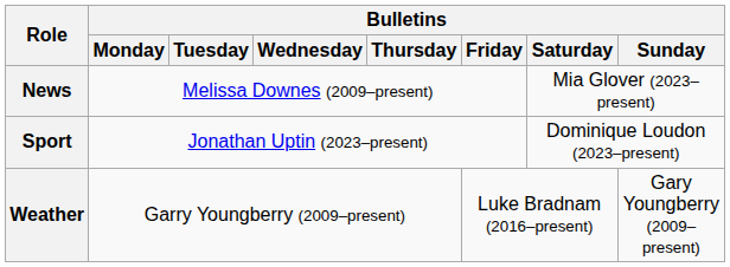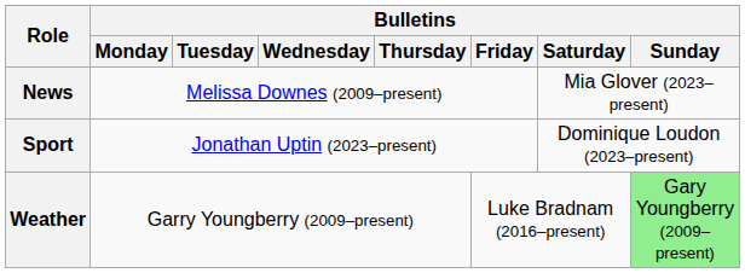 <table class="wikitable plainrowheaders" style="text-align:center;">
 <tr>
 <th rowspan="2" scope="col">Role</th>
 <th colspan="7" scope="col">Bulletins</th>
 </tr>
 <tr>
 <th scope="col">Monday</th>
 <th scope="col">Tuesday</th>
 <th scope="col">Wednesday</th>
 <th scope="col">Thursday</th>
 <th scope="col">Friday</th>
 <th scope="col">Saturday</th>
 <th scope="col">Sunday</th>
 </tr>
 <tr>
 <th scope="row">News</th>
 <td colspan="5"><a href='#'>Melissa Downes</a> <small>(2009–present)</small></td>
 <td colspan="2">Mia Glover <small>(2023–present)</small></td>
 </tr>
 <tr>
 <th scope="row">Sport</th>
 <td colspan="5"><a href='#'>Jonathan Uptin</a> <small>(2023–present)</small></td>
 <td colspan="2">Dominique Loudon <small>(2023–present)</small></td>
 </tr>
 <tr>
 <th scope="row">Weather</th>
 <td colspan="4">Garry Youngberry <small>(2009–present)</small></td>
 <td colspan="2">Luke Bradnam <small>(2016–present)</small></td>
-<td>Gary Youngberry <small>(2009–present)</small></td>
+<td style="background: lightgreen;">Gary Youngberry <small>(2009–present)</small></td>
 </tr>
 </table>
